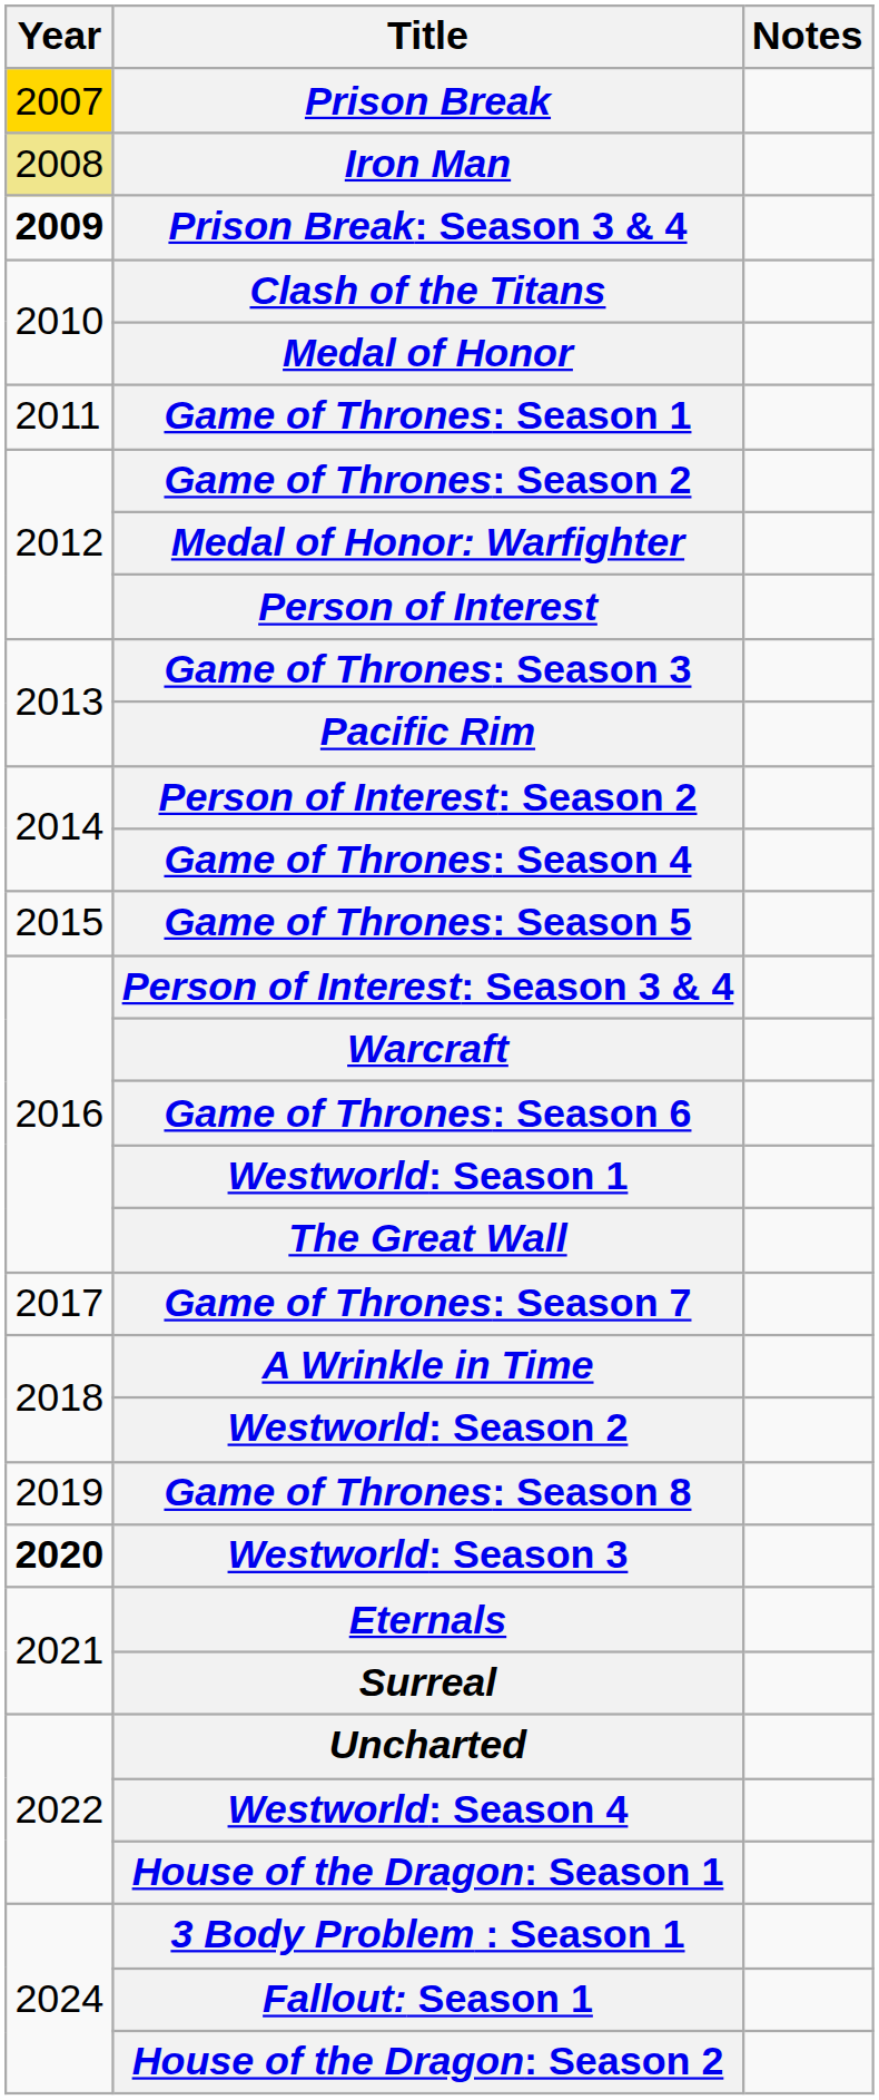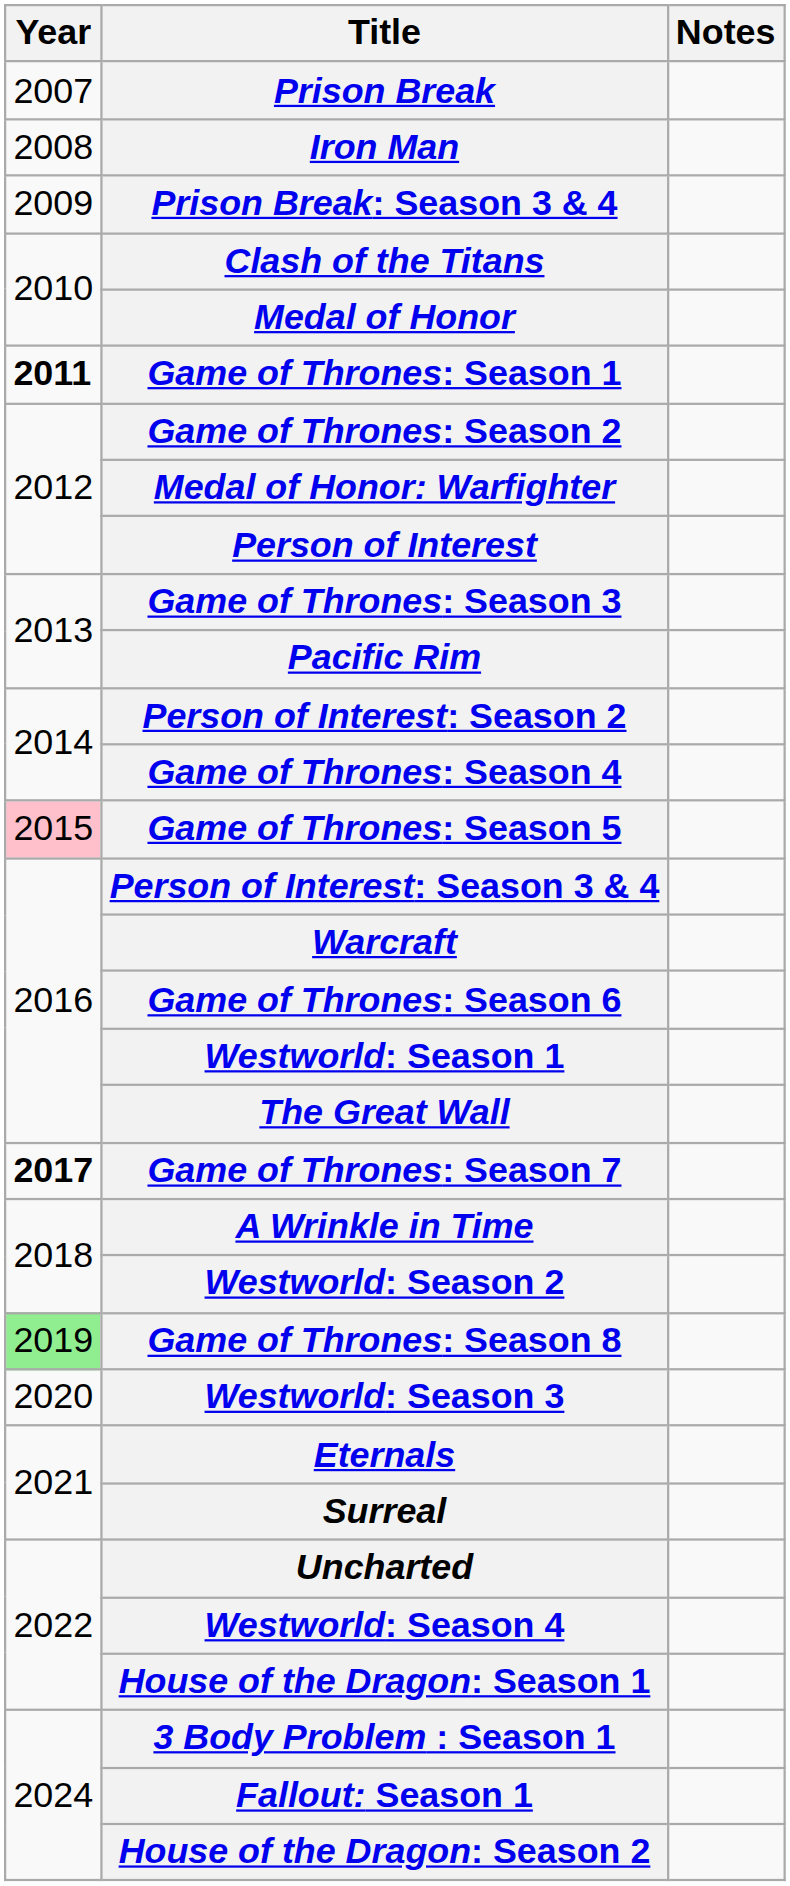 <table class="wikitable plainrowheaders">
 <tr>
 <th>Year</th>
 <th>Title</th>
 <th class="unsortable">Notes</th>
 </tr>
 <tr>
-<td style="background: gold;">2007</td>
+<td>2007</td>
 <th scope="row"><em><a href='#'>Prison Break</a></em></th>
 <td></td>
 </tr>
 <tr>
-<td style="background: khaki;">2008</td>
+<td>2008</td>
 <th scope="row"><em><a href='#'>Iron Man</a></em></th>
 <td></td>
 </tr>
 <tr>
-<td><strong>2009</strong></td>
+<td>2009</td>
 <th scope="row"><a href='#'><em>Prison Break</em>: Season 3 & 4</a></th>
 <td></td>
 </tr>
 <tr>
 <td rowspan="2">2010</td>
 <th scope="row"><em><a href='#'>Clash of the Titans</a></em></th>
 <td></td>
 </tr>
 <tr>
 <th scope="row"><em><a href='#'>Medal of Honor</a></em></th>
 <td></td>
 </tr>
 <tr>
-<td>2011</td>
+<td><strong>2011</strong></td>
 <th scope="row"><a href='#'><em>Game of Thrones</em>: Season 1</a></th>
 <td></td>
 </tr>
 <tr>
 <td rowspan="3">2012</td>
 <th scope="row"><a href='#'><em>Game of Thrones</em>: Season 2</a></th>
 <td></td>
 </tr>
 <tr>
 <th scope="row"><em><a href='#'>Medal of Honor: Warfighter</a></em></th>
 <td></td>
 </tr>
 <tr>
 <th scope="row"><em><a href='#'>Person of Interest</a></em></th>
 <td></td>
 </tr>
 <tr>
 <td rowspan="2">2013</td>
 <th scope="row"><a href='#'><em>Game of Thrones</em>: Season 3</a></th>
 <td></td>
 </tr>
 <tr>
 <th scope="row"><em><a href='#'>Pacific Rim</a></em></th>
 <td></td>
 </tr>
 <tr>
 <td rowspan="2">2014</td>
 <th scope="row"><a href='#'><em>Person of Interest</em>: Season 2</a></th>
 <td></td>
 </tr>
 <tr>
 <th scope="row"><a href='#'><em>Game of Thrones</em>: Season 4</a></th>
 <td></td>
 </tr>
 <tr>
-<td>2015</td>
+<td style="background: pink;">2015</td>
 <th scope="row"><a href='#'><em>Game of Thrones</em>: Season 5</a></th>
 <td></td>
 </tr>
 <tr>
 <td rowspan="5">2016</td>
 <th scope="row"><a href='#'><em>Person of Interest</em>: Season 3 & 4</a></th>
 <td></td>
 </tr>
 <tr>
 <th scope="row"><em><a href='#'>Warcraft</a></em></th>
 <td></td>
 </tr>
 <tr>
 <th scope="row"><a href='#'><em>Game of Thrones</em>: Season 6</a></th>
 <td></td>
 </tr>
 <tr>
 <th scope="row"><a href='#'><em>Westworld</em>: Season 1</a></th>
 <td></td>
 </tr>
 <tr>
 <th scope="row"><em><a href='#'>The Great Wall</a></em></th>
 <td></td>
 </tr>
 <tr>
-<td>2017</td>
+<td><strong>2017</strong></td>
 <th scope="row"><a href='#'><em>Game of Thrones</em>: Season 7</a></th>
 <td></td>
 </tr>
 <tr>
 <td rowspan="2">2018</td>
 <th scope="row"><em><a href='#'>A Wrinkle in Time</a></em></th>
 <td></td>
 </tr>
 <tr>
 <th scope="row"><a href='#'><em>Westworld</em>: Season 2</a></th>
 <td></td>
 </tr>
 <tr>
-<td>2019</td>
+<td style="background: lightgreen;">2019</td>
 <th scope="row"><a href='#'><em>Game of Thrones</em>: Season 8</a></th>
 <td></td>
 </tr>
 <tr>
-<td><strong>2020</strong></td>
+<td>2020</td>
 <th scope="row"><a href='#'><em>Westworld</em>: Season 3</a></th>
 <td></td>
 </tr>
 <tr>
 <td rowspan="2">2021</td>
 <th scope="row"><em><a href='#'>Eternals</a></em></th>
 <td></td>
 </tr>
 <tr>
 <th scope="row"><em>Surreal</em></th>
 <td></td>
 </tr>
 <tr>
 <td rowspan="3">2022</td>
 <th scope="row"><em>Uncharted</em></th>
 <td></td>
 </tr>
 <tr>
 <th scope="row"><a href='#'><em>Westworld</em>: Season 4</a></th>
 <td></td>
 </tr>
 <tr>
 <th scope="row"><a href='#'><em>House of the Dragon</em>: Season 1</a></th>
 <td></td>
 </tr>
 <tr>
 <td rowspan="3">2024</td>
 <th scope="row"><a href='#'><em>3 Body Problem</em> : Season 1</a></th>
 <td></td>
 </tr>
 <tr>
 <th scope="row"><a href='#'><em>Fallout:</em> Season 1</a></th>
 <td></td>
 </tr>
 <tr>
 <th scope="row"><a href='#'><em>House of the Dragon</em>: Season 2</a></th>
 <td></td>
 </tr>
 </table>
